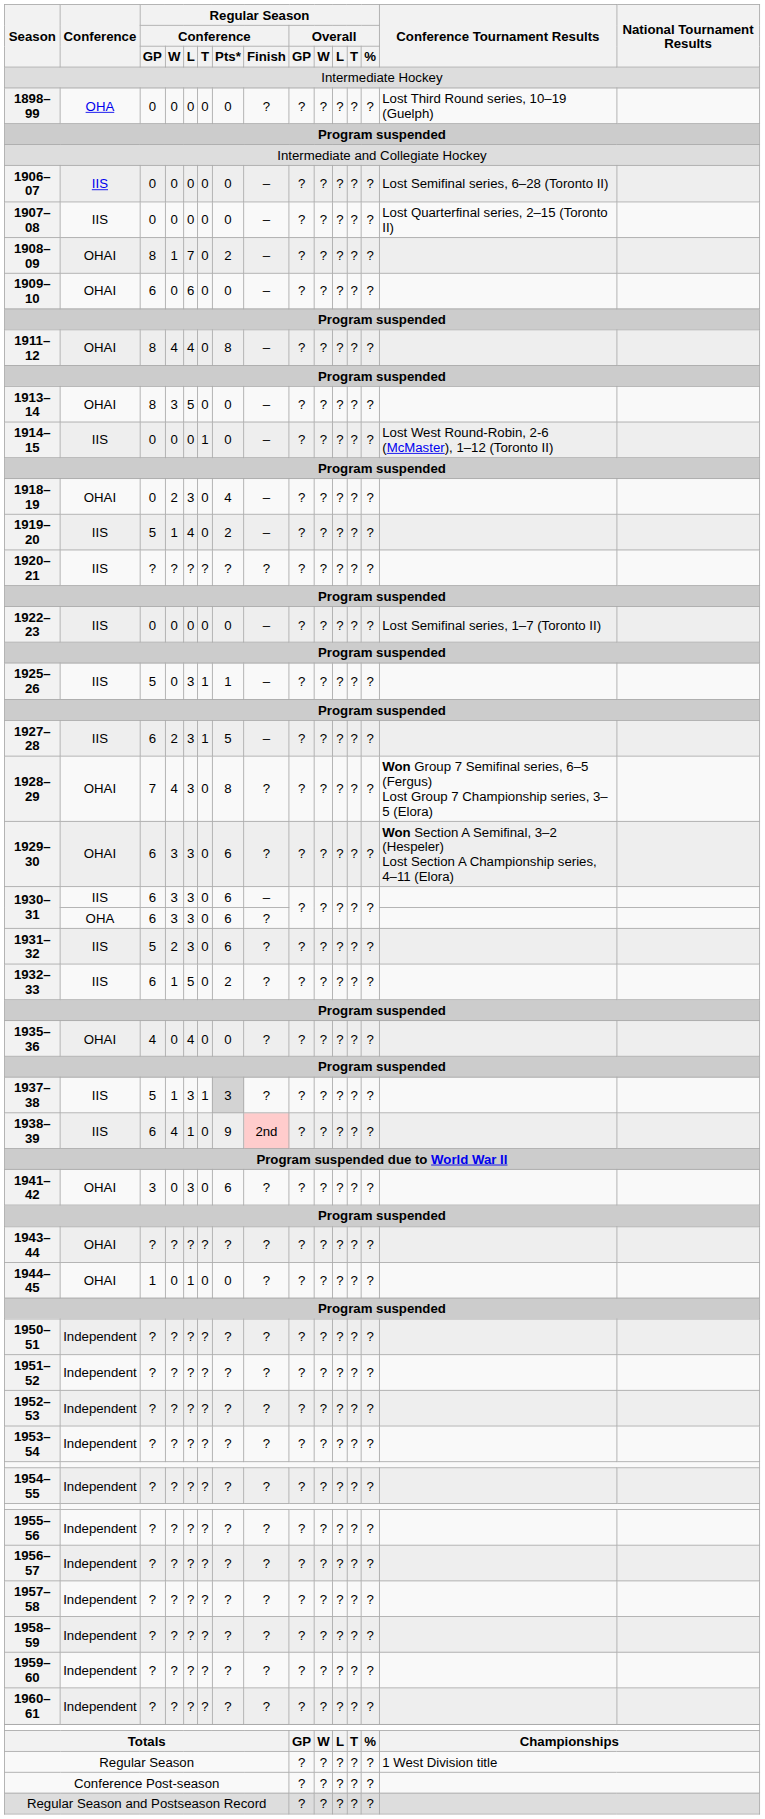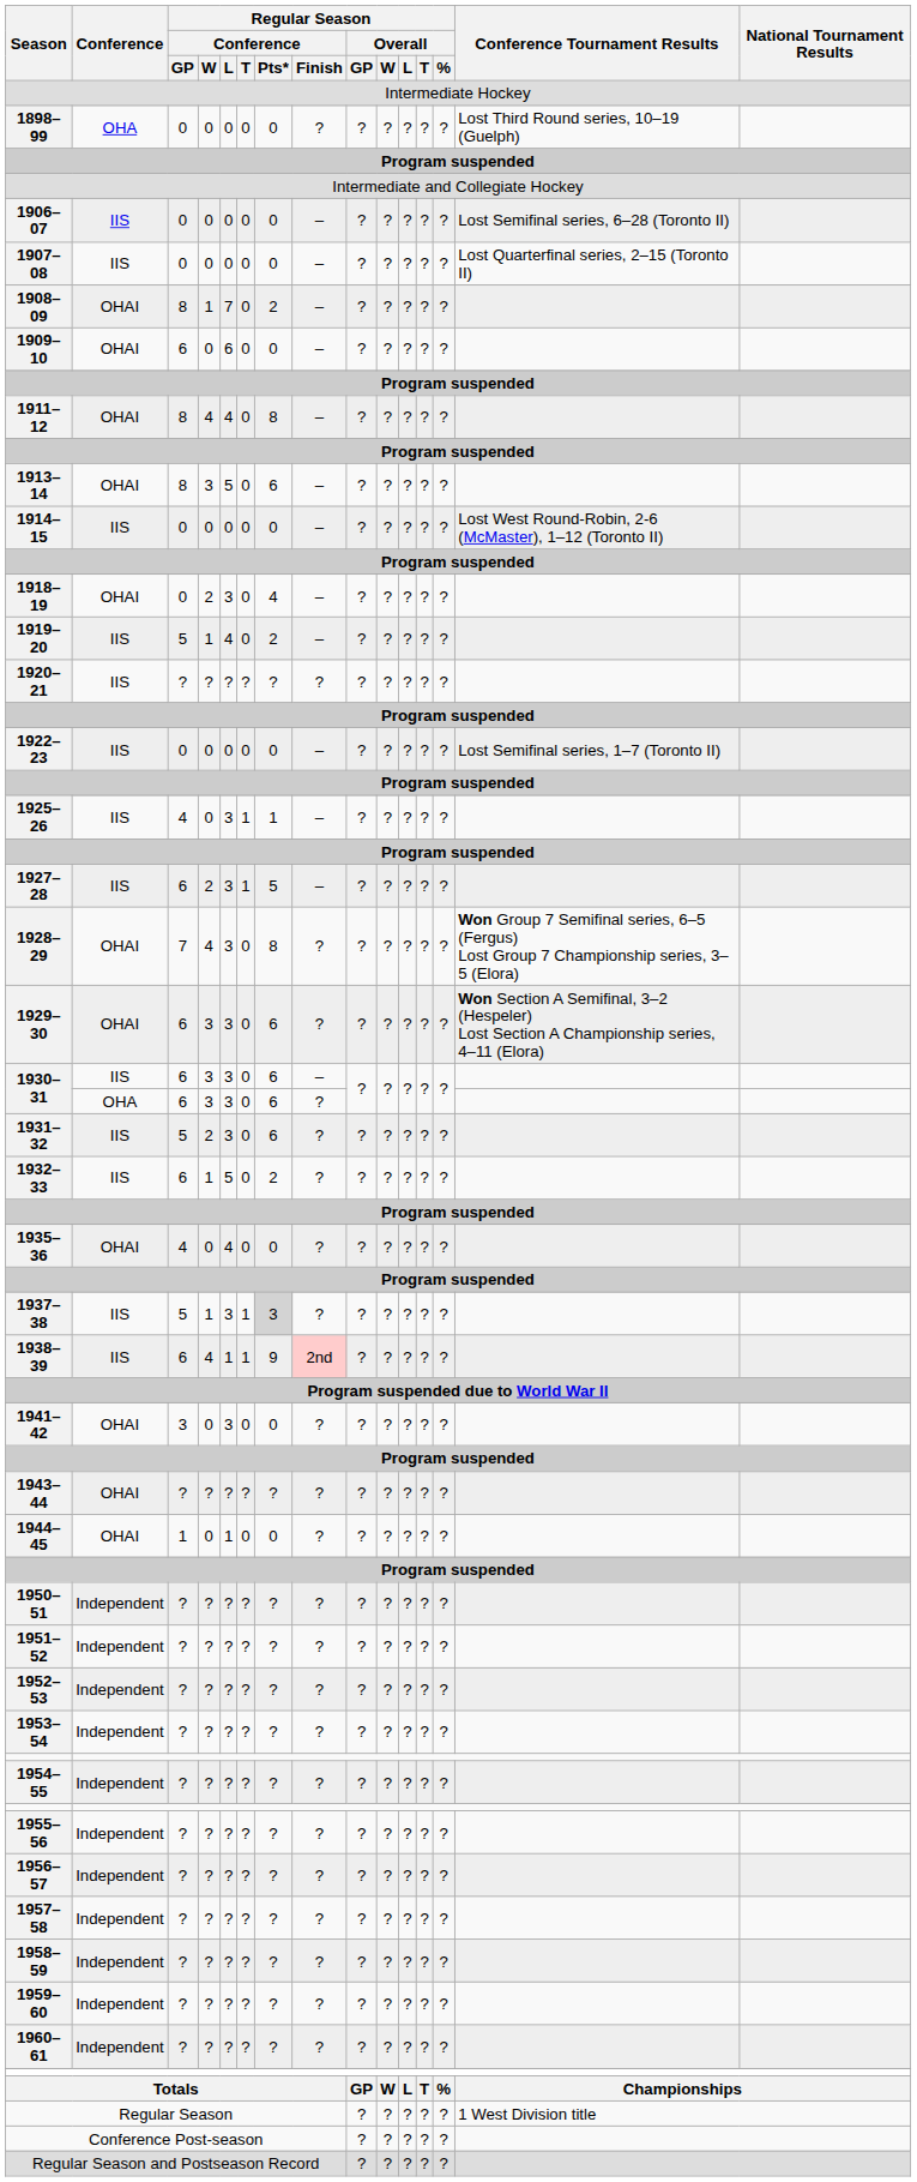 <table class="wikitable" style="text-align: center; font-size: 95%">
 <tr>
 <th rowspan="3">Season</th>
 <th rowspan="3">Conference</th>
 <th colspan="11">Regular Season</th>
 <th rowspan="3">Conference Tournament Results</th>
 <th rowspan="3">National Tournament Results</th>
 </tr>
 <tr>
 <th colspan="6">Conference</th>
 <th colspan="5">Overall</th>
 </tr>
 <tr>
 <th>GP</th>
 <th>W</th>
 <th>L</th>
 <th>T</th>
 <th>Pts*</th>
 <th>Finish</th>
 <th>GP</th>
 <th>W</th>
 <th>L</th>
 <th>T</th>
 <th>%</th>
 </tr>
 <tr>
 <td style="background:#dddddd;" colspan="18">Intermediate Hockey</td>
 </tr>
 <tr>
 <th>1898–99</th>
 <td><a href='#'>OHA</a></td>
 <td>0</td>
 <td>0</td>
 <td>0</td>
 <td>0</td>
 <td>0</td>
 <td>?</td>
 <td>?</td>
 <td>?</td>
 <td>?</td>
 <td>?</td>
 <td>?</td>
 <td align="left">Lost Third Round series, 10–19 (Guelph)</td>
 <td align="left"></td>
 </tr>
 <tr>
 <td bgcolor=cccccc colspan="18"><strong>Program suspended</strong></td>
 </tr>
 <tr>
 <td style="background:#dddddd;" colspan="18">Intermediate and Collegiate Hockey</td>
 </tr>
 <tr bgcolor=eeeeee>
 <th>1906–07</th>
 <td><a href='#'>IIS</a></td>
 <td>0</td>
 <td>0</td>
 <td>0</td>
 <td>0</td>
 <td>0</td>
 <td>–</td>
 <td>?</td>
 <td>?</td>
 <td>?</td>
 <td>?</td>
 <td>?</td>
 <td align="left">Lost Semifinal series, 6–28 (Toronto II)</td>
 <td align="left"></td>
 </tr>
 <tr>
 <th>1907–08</th>
 <td>IIS</td>
 <td>0</td>
 <td>0</td>
 <td>0</td>
 <td>0</td>
 <td>0</td>
 <td>–</td>
 <td>?</td>
 <td>?</td>
 <td>?</td>
 <td>?</td>
 <td>?</td>
 <td align="left">Lost Quarterfinal series, 2–15 (Toronto II)</td>
 <td align="left"></td>
 </tr>
 <tr bgcolor=eeeeee>
 <th>1908–09</th>
 <td>OHAI</td>
 <td>8</td>
 <td>1</td>
 <td>7</td>
 <td>0</td>
 <td>2</td>
 <td>–</td>
 <td>?</td>
 <td>?</td>
 <td>?</td>
 <td>?</td>
 <td>?</td>
 <td align="left"></td>
 <td align="left"></td>
 </tr>
 <tr>
 <th>1909–10</th>
 <td>OHAI</td>
 <td>6</td>
 <td>0</td>
 <td>6</td>
 <td>0</td>
 <td>0</td>
 <td>–</td>
 <td>?</td>
 <td>?</td>
 <td>?</td>
 <td>?</td>
 <td>?</td>
 <td align="left"></td>
 <td align="left"></td>
 </tr>
 <tr>
 <td bgcolor=cccccc colspan="18"><strong>Program suspended</strong></td>
 </tr>
 <tr bgcolor=eeeeee>
 <th>1911–12</th>
 <td>OHAI</td>
 <td>8</td>
 <td>4</td>
 <td>4</td>
 <td>0</td>
 <td>8</td>
 <td>–</td>
 <td>?</td>
 <td>?</td>
 <td>?</td>
 <td>?</td>
 <td>?</td>
 <td align="left"></td>
 <td align="left"></td>
 </tr>
 <tr>
 <td bgcolor=cccccc colspan="18"><strong>Program suspended</strong></td>
 </tr>
 <tr>
 <th>1913–14</th>
 <td>OHAI</td>
 <td>8</td>
 <td>3</td>
 <td>5</td>
 <td>0</td>
-<td>0</td>
+<td>6</td>
 <td>–</td>
 <td>?</td>
 <td>?</td>
 <td>?</td>
 <td>?</td>
 <td>?</td>
 <td align="left"></td>
 <td align="left"></td>
 </tr>
 <tr bgcolor=eeeeee>
 <th>1914–15</th>
 <td>IIS</td>
 <td>0</td>
 <td>0</td>
 <td>0</td>
-<td>1</td>
+<td>0</td>
 <td>0</td>
 <td>–</td>
 <td>?</td>
 <td>?</td>
 <td>?</td>
 <td>?</td>
 <td>?</td>
 <td align="left">Lost West Round-Robin, 2-6 (<a href='#'>McMaster</a>), 1–12 (Toronto II)</td>
 <td align="left"></td>
 </tr>
 <tr>
 <td bgcolor=cccccc colspan="18"><strong>Program suspended</strong></td>
 </tr>
 <tr>
 <th>1918–19</th>
 <td>OHAI</td>
 <td>0</td>
 <td>2</td>
 <td>3</td>
 <td>0</td>
 <td>4</td>
 <td>–</td>
 <td>?</td>
 <td>?</td>
 <td>?</td>
 <td>?</td>
 <td>?</td>
 <td align="left"></td>
 <td align="left"></td>
 </tr>
 <tr bgcolor=eeeeee>
 <th>1919–20</th>
 <td>IIS</td>
 <td>5</td>
 <td>1</td>
 <td>4</td>
 <td>0</td>
 <td>2</td>
 <td>–</td>
 <td>?</td>
 <td>?</td>
 <td>?</td>
 <td>?</td>
 <td>?</td>
 <td align="left"></td>
 <td align="left"></td>
 </tr>
 <tr>
 <th>1920–21</th>
 <td>IIS</td>
 <td>?</td>
 <td>?</td>
 <td>?</td>
 <td>?</td>
 <td>?</td>
 <td>?</td>
 <td>?</td>
 <td>?</td>
 <td>?</td>
 <td>?</td>
 <td>?</td>
 <td align="left"></td>
 <td align="left"></td>
 </tr>
 <tr>
 <td bgcolor=cccccc colspan="18"><strong>Program suspended</strong></td>
 </tr>
 <tr bgcolor=eeeeee>
 <th>1922–23</th>
 <td>IIS</td>
 <td>0</td>
 <td>0</td>
 <td>0</td>
 <td>0</td>
 <td>0</td>
 <td>–</td>
 <td>?</td>
 <td>?</td>
 <td>?</td>
 <td>?</td>
 <td>?</td>
 <td align="left">Lost Semifinal series, 1–7 (Toronto II)</td>
 <td align="left"></td>
 </tr>
 <tr>
 <td bgcolor=cccccc colspan="18"><strong>Program suspended</strong></td>
 </tr>
 <tr>
 <th>1925–26</th>
 <td>IIS</td>
-<td>5</td>
+<td>4</td>
 <td>0</td>
 <td>3</td>
 <td>1</td>
 <td>1</td>
 <td>–</td>
 <td>?</td>
 <td>?</td>
 <td>?</td>
 <td>?</td>
 <td>?</td>
 <td align="left"></td>
 <td align="left"></td>
 </tr>
 <tr>
 <td bgcolor=cccccc colspan="18"><strong>Program suspended</strong></td>
 </tr>
 <tr bgcolor=eeeeee>
 <th>1927–28</th>
 <td>IIS</td>
 <td>6</td>
 <td>2</td>
 <td>3</td>
 <td>1</td>
 <td>5</td>
 <td>–</td>
 <td>?</td>
 <td>?</td>
 <td>?</td>
 <td>?</td>
 <td>?</td>
 <td align="left"></td>
 <td align="left"></td>
 </tr>
 <tr>
 <th>1928–29</th>
 <td>OHAI</td>
 <td>7</td>
 <td>4</td>
 <td>3</td>
 <td>0</td>
 <td>8</td>
 <td>?</td>
 <td>?</td>
 <td>?</td>
 <td>?</td>
 <td>?</td>
 <td>?</td>
 <td align="left"><strong>Won</strong> Group 7 Semifinal series, 6–5 (Fergus)<br>Lost Group 7 Championship series, 3–5 (Elora)</td>
 <td align="left"></td>
 </tr>
 <tr bgcolor=eeeeee>
 <th>1929–30</th>
 <td>OHAI</td>
 <td>6</td>
 <td>3</td>
 <td>3</td>
 <td>0</td>
 <td>6</td>
 <td>?</td>
 <td>?</td>
 <td>?</td>
 <td>?</td>
 <td>?</td>
 <td>?</td>
 <td align="left"><strong>Won</strong> Section A Semifinal, 3–2 (Hespeler)<br>Lost Section A Championship series, 4–11 (Elora)</td>
 <td align="left"></td>
 </tr>
 <tr>
 <th rowspan=2>1930–31</th>
 <td>IIS</td>
 <td>6</td>
 <td>3</td>
 <td>3</td>
 <td>0</td>
 <td>6</td>
 <td>–</td>
 <td rowspan=2>?</td>
 <td rowspan=2>?</td>
 <td rowspan=2>?</td>
 <td rowspan=2>?</td>
 <td rowspan=2>?</td>
 <td align="left"></td>
 <td align="left"></td>
 </tr>
 <tr>
 <td>OHA</td>
 <td>6</td>
 <td>3</td>
 <td>3</td>
 <td>0</td>
 <td>6</td>
 <td>?</td>
 <td align="left"></td>
 <td align="left"></td>
 </tr>
 <tr bgcolor=eeeeee>
 <th>1931–32</th>
 <td>IIS</td>
 <td>5</td>
 <td>2</td>
 <td>3</td>
 <td>0</td>
 <td>6</td>
 <td>?</td>
 <td>?</td>
 <td>?</td>
 <td>?</td>
 <td>?</td>
 <td>?</td>
 <td align="left"></td>
 <td align="left"></td>
 </tr>
 <tr>
 <th>1932–33</th>
 <td>IIS</td>
 <td>6</td>
 <td>1</td>
 <td>5</td>
 <td>0</td>
 <td>2</td>
 <td>?</td>
 <td>?</td>
 <td>?</td>
 <td>?</td>
 <td>?</td>
 <td>?</td>
 <td align="left"></td>
 <td align="left"></td>
 </tr>
 <tr>
 <td bgcolor=cccccc colspan="18"><strong>Program suspended</strong></td>
 </tr>
 <tr bgcolor=eeeeee>
 <th>1935–36</th>
 <td>OHAI</td>
 <td>4</td>
 <td>0</td>
 <td>4</td>
 <td>0</td>
 <td>0</td>
 <td>?</td>
 <td>?</td>
 <td>?</td>
 <td>?</td>
 <td>?</td>
 <td>?</td>
 <td align="left"></td>
 <td align="left"></td>
 </tr>
 <tr>
 <td bgcolor=cccccc colspan="18"><strong>Program suspended</strong></td>
 </tr>
 <tr>
 <th>1937–38</th>
 <td>IIS</td>
 <td>5</td>
 <td>1</td>
 <td>3</td>
 <td>1</td>
 <td style="background: lightgrey;">3</td>
 <td>?</td>
 <td>?</td>
 <td>?</td>
 <td>?</td>
 <td>?</td>
 <td>?</td>
 <td align="left"></td>
 <td align="left"></td>
 </tr>
 <tr bgcolor=eeeeee>
 <th>1938–39</th>
 <td>IIS</td>
 <td>6</td>
 <td>4</td>
 <td>1</td>
-<td>0</td>
+<td>1</td>
 <td>9</td>
 <td style="background: #FFCCCC;">2nd</td>
 <td>?</td>
 <td>?</td>
 <td>?</td>
 <td>?</td>
 <td>?</td>
 <td align="left"></td>
 <td align="left"></td>
 </tr>
 <tr>
 <td bgcolor=cccccc colspan="18"><strong>Program suspended due to <a href='#'>World War II</a></strong></td>
 </tr>
 <tr>
 <th>1941–42</th>
 <td>OHAI</td>
 <td>3</td>
 <td>0</td>
 <td>3</td>
 <td>0</td>
-<td>6</td>
+<td>0</td>
 <td>?</td>
 <td>?</td>
 <td>?</td>
 <td>?</td>
 <td>?</td>
 <td>?</td>
 <td align="left"></td>
 <td align="left"></td>
 </tr>
 <tr>
 <td bgcolor=cccccc colspan="18"><strong>Program suspended</strong></td>
 </tr>
 <tr bgcolor=eeeeee>
 <th>1943–44</th>
 <td>OHAI</td>
 <td>?</td>
 <td>?</td>
 <td>?</td>
 <td>?</td>
 <td>?</td>
 <td>?</td>
 <td>?</td>
 <td>?</td>
 <td>?</td>
 <td>?</td>
 <td>?</td>
 <td align="left"></td>
 <td align="left"></td>
 </tr>
 <tr>
 <th>1944–45</th>
 <td>OHAI</td>
 <td>1</td>
 <td>0</td>
 <td>1</td>
 <td>0</td>
 <td>0</td>
 <td>?</td>
 <td>?</td>
 <td>?</td>
 <td>?</td>
 <td>?</td>
 <td>?</td>
 <td align="left"></td>
 <td align="left"></td>
 </tr>
 <tr>
 <td bgcolor=cccccc colspan="18"><strong>Program suspended</strong></td>
 </tr>
 <tr bgcolor=eeeeee>
 <th>1950–51</th>
 <td>Independent</td>
 <td>?</td>
 <td>?</td>
 <td>?</td>
 <td>?</td>
 <td>?</td>
 <td>?</td>
 <td>?</td>
 <td>?</td>
 <td>?</td>
 <td>?</td>
 <td>?</td>
 <td align="left"></td>
 <td align="left"></td>
 </tr>
 <tr>
 <th>1951–52</th>
 <td>Independent</td>
 <td>?</td>
 <td>?</td>
 <td>?</td>
 <td>?</td>
 <td>?</td>
 <td>?</td>
 <td>?</td>
 <td>?</td>
 <td>?</td>
 <td>?</td>
 <td>?</td>
 <td align="left"></td>
 <td align="left"></td>
 </tr>
 <tr bgcolor=eeeeee>
 <th>1952–53</th>
 <td>Independent</td>
 <td>?</td>
 <td>?</td>
 <td>?</td>
 <td>?</td>
 <td>?</td>
 <td>?</td>
 <td>?</td>
 <td>?</td>
 <td>?</td>
 <td>?</td>
 <td>?</td>
 <td align="left"></td>
 <td align="left"></td>
 </tr>
 <tr>
 <th>1953–54</th>
 <td>Independent</td>
 <td>?</td>
 <td>?</td>
 <td>?</td>
 <td>?</td>
 <td>?</td>
 <td>?</td>
 <td>?</td>
 <td>?</td>
 <td>?</td>
 <td>?</td>
 <td>?</td>
 <td align="left"></td>
 <td align="left"></td>
 </tr>
 <tr>
 <td><strong><a href='#'></a> </strong></td>
 </tr>
 <tr bgcolor=eeeeee>
 <th>1954–55</th>
 <td>Independent</td>
 <td>?</td>
 <td>?</td>
 <td>?</td>
 <td>?</td>
 <td>?</td>
 <td>?</td>
 <td>?</td>
 <td>?</td>
 <td>?</td>
 <td>?</td>
 <td>?</td>
 <td align="left"></td>
 <td align="left"></td>
 </tr>
 <tr>
 <td><strong><a href='#'></a> </strong></td>
 </tr>
 <tr>
 <th>1955–56</th>
 <td>Independent</td>
 <td>?</td>
 <td>?</td>
 <td>?</td>
 <td>?</td>
 <td>?</td>
 <td>?</td>
 <td>?</td>
 <td>?</td>
 <td>?</td>
 <td>?</td>
 <td>?</td>
 <td align="left"></td>
 <td align="left"></td>
 </tr>
 <tr bgcolor=eeeeee>
 <th>1956–57</th>
 <td>Independent</td>
 <td>?</td>
 <td>?</td>
 <td>?</td>
 <td>?</td>
 <td>?</td>
 <td>?</td>
 <td>?</td>
 <td>?</td>
 <td>?</td>
 <td>?</td>
 <td>?</td>
 <td align="left"></td>
 <td align="left"></td>
 </tr>
 <tr>
 <th>1957–58</th>
 <td>Independent</td>
 <td>?</td>
 <td>?</td>
 <td>?</td>
 <td>?</td>
 <td>?</td>
 <td>?</td>
 <td>?</td>
 <td>?</td>
 <td>?</td>
 <td>?</td>
 <td>?</td>
 <td align="left"></td>
 <td align="left"></td>
 </tr>
 <tr bgcolor=eeeeee>
 <th>1958–59</th>
 <td>Independent</td>
 <td>?</td>
 <td>?</td>
 <td>?</td>
 <td>?</td>
 <td>?</td>
 <td>?</td>
 <td>?</td>
 <td>?</td>
 <td>?</td>
 <td>?</td>
 <td>?</td>
 <td align="left"></td>
 <td align="left"></td>
 </tr>
 <tr>
 <th>1959–60</th>
 <td>Independent</td>
 <td>?</td>
 <td>?</td>
 <td>?</td>
 <td>?</td>
 <td>?</td>
 <td>?</td>
 <td>?</td>
 <td>?</td>
 <td>?</td>
 <td>?</td>
 <td>?</td>
 <td align="left"></td>
 <td align="left"></td>
 </tr>
 <tr bgcolor=eeeeee>
 <th>1960–61</th>
 <td>Independent</td>
 <td>?</td>
 <td>?</td>
 <td>?</td>
 <td>?</td>
 <td>?</td>
 <td>?</td>
 <td>?</td>
 <td>?</td>
 <td>?</td>
 <td>?</td>
 <td>?</td>
 <td align="left"></td>
 <td align="left"></td>
 </tr>
 <tr>
 </tr>
 <tr ->
 </tr>
 <tr>
 <td colspan="15" style="background:#fff;"></td>
 </tr>
 <tr>
 <th colspan="8">Totals</th>
 <th>GP</th>
 <th>W</th>
 <th>L</th>
 <th>T</th>
 <th>%</th>
 <th colspan="2">Championships</th>
 </tr>
 <tr>
 <td colspan="8">Regular Season</td>
 <td>?</td>
 <td>?</td>
 <td>?</td>
 <td>?</td>
 <td>?</td>
 <td colspan="2" align="left">1 West Division title</td>
 </tr>
 <tr>
 <td colspan="8">Conference Post-season</td>
 <td>?</td>
 <td>?</td>
 <td>?</td>
 <td>?</td>
 <td>?</td>
 <td colspan="2" align="left"></td>
 </tr>
 <tr bgcolor=dddddd>
 <td colspan="8">Regular Season and Postseason Record</td>
 <td>?</td>
 <td>?</td>
 <td>?</td>
 <td>?</td>
 <td>?</td>
 <td colspan="2" align="left"></td>
 </tr>
 </table>
